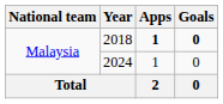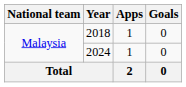 <table class=wikitable style="text-align: center;">
 <tr>
 <th>National team</th>
 <th>Year</th>
 <th>Apps</th>
 <th>Goals</th>
 </tr>
 <tr>
 <td rowspan=2><a href='#'>Malaysia</a></td>
 <td>2018</td>
-<td><strong>1</strong></td>
-<td><strong>0</strong></td>
+<td>1</td>
+<td>0</td>
 </tr>
 <tr>
 <td>2024</td>
 <td>1</td>
 <td>0</td>
 </tr>
 <tr>
 <th colspan=2>Total</th>
 <th>2</th>
 <th>0</th>
 </tr>
 </table>
